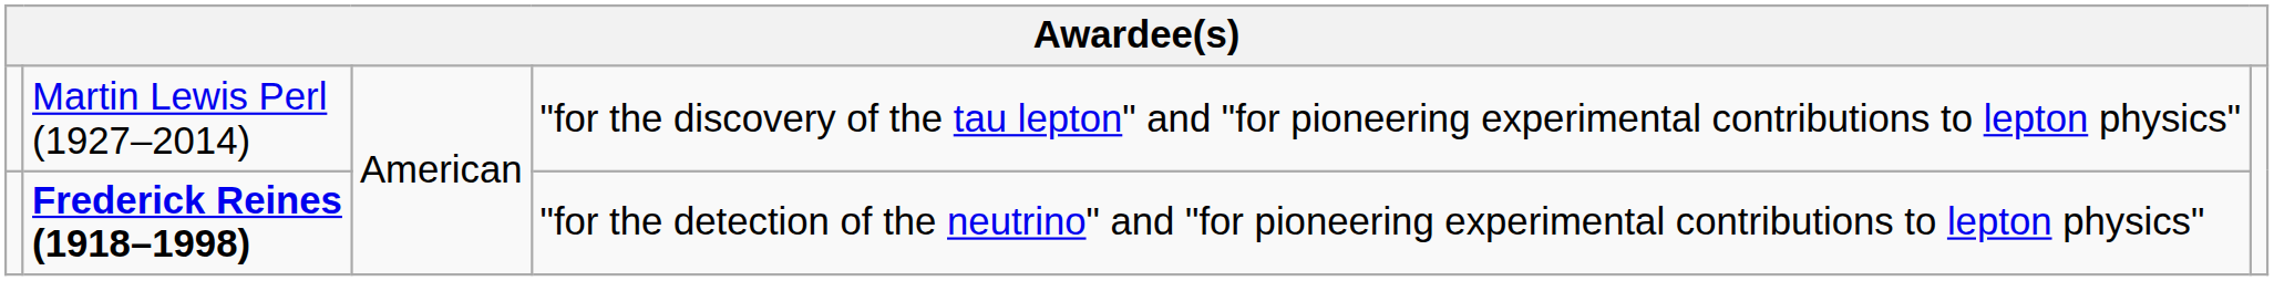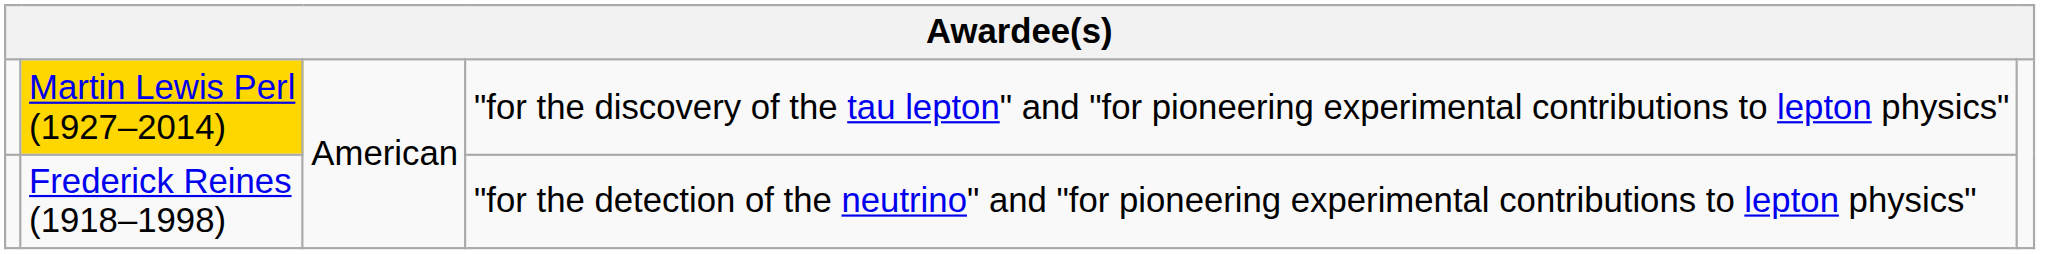 <table class="wikitable">
 <tr>
 <th colspan="5">Awardee(s)</th>
 </tr>
 <tr>
 <td></td>
-<td><a href='#'>Martin Lewis Perl</a><br>(1927–2014)</td>
+<td style="background: gold;"><a href='#'>Martin Lewis Perl</a><br>(1927–2014)</td>
 <td rowspan="2"> American</td>
 <td>"for the discovery of the <a href='#'>tau lepton</a>" and "for pioneering experimental contributions to <a href='#'>lepton</a> physics"</td>
 <td rowspan="2"></td>
 </tr>
 <tr>
 <td></td>
-<td><strong><a href='#'>Frederick Reines</a><br>(1918–1998)</strong></td>
+<td><a href='#'>Frederick Reines</a><br>(1918–1998)</td>
 <td>"for the detection of the <a href='#'>neutrino</a>" and "for pioneering experimental contributions to <a href='#'>lepton</a> physics"</td>
 </tr>
 </table>
